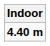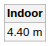 <table class="wikitable" border="1" align="upright">
 <tr>
 <th>Indoor</th>
 </tr>
 <tr>
-<td><strong>4.40 m</strong></td>
+<td>4.40 m</td>
 </tr>
 </table>
